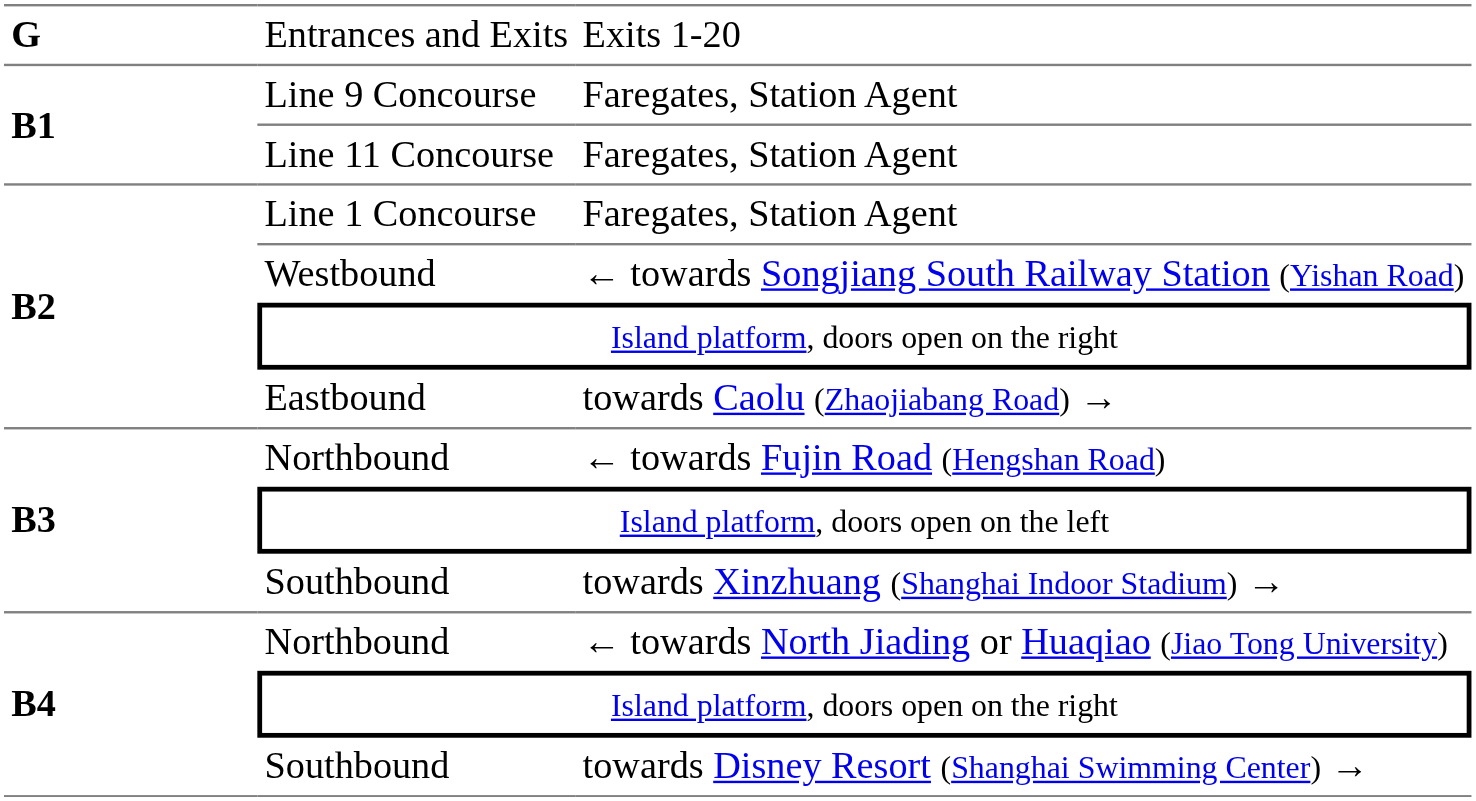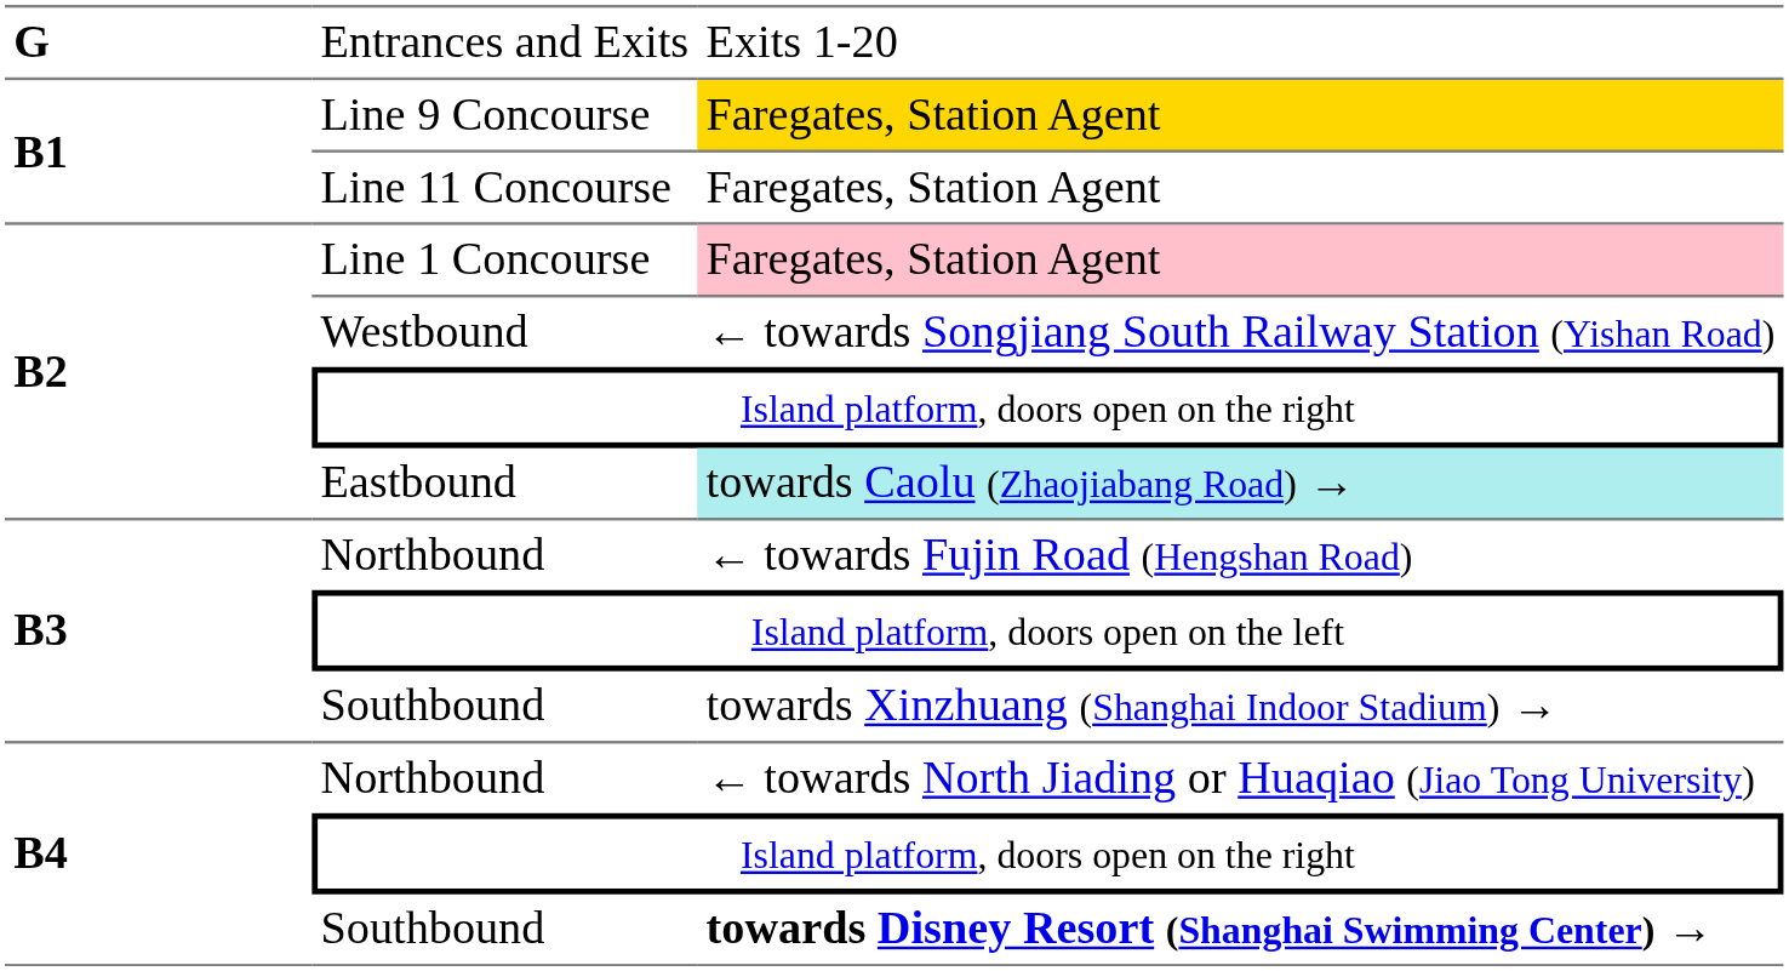 <table cellspacing=0 cellpadding=3>
 <tr>
 <td style="border-top:solid 1px gray;border-bottom:solid 1px gray;" width=100><strong>G</strong></td>
 <td style="border-top:solid 1px gray;border-bottom:solid 1px gray;">Entrances and Exits</td>
 <td style="border-top:solid 1px gray;border-bottom:solid 1px gray;">Exits 1-20</td>
 </tr>
 <tr>
 <td style="border-bottom:solid 1px gray;" rowspan=2><strong>B1</strong></td>
 <td style="border-bottom:solid 1px gray;">Line 9 Concourse</td>
-<td style="border-bottom:solid 1px gray;">Faregates, Station Agent</td>
+<td style="background: gold; border-bottom:solid 1px gray;">Faregates, Station Agent</td>
 </tr>
 <tr>
 <td style="border-bottom:solid 1px gray;">Line 11 Concourse</td>
 <td style="border-bottom:solid 1px gray;">Faregates, Station Agent</td>
 </tr>
 <tr>
 <td style="border-bottom:solid 1px gray;" rowspan=4><strong>B2</strong></td>
 <td style="border-bottom:solid 1px gray;">Line 1 Concourse</td>
-<td style="border-bottom:solid 1px gray;">Faregates, Station Agent</td>
+<td style="background: pink; border-bottom:solid 1px gray;">Faregates, Station Agent</td>
 </tr>
 <tr>
 <td>Westbound</td>
 <td>←  towards <a href='#'>Songjiang South Railway Station</a> <small>(<a href='#'>Yishan Road</a>)</small></td>
 </tr>
 <tr>
 <td style="border-top:solid 2px black;border-right:solid 2px black;border-left:solid 2px black;border-bottom:solid 2px black;text-align:center;" colspan=2><small><a href='#'>Island platform</a>, doors open on the right</small></td>
 </tr>
 <tr>
 <td style="border-bottom:solid 1px gray;">Eastbound</td>
-<td style="border-bottom:solid 1px gray;">  towards <a href='#'>Caolu</a> <small>(<a href='#'>Zhaojiabang Road</a>)</small> →</td>
+<td style="background: paleturquoise; border-bottom:solid 1px gray;">  towards <a href='#'>Caolu</a> <small>(<a href='#'>Zhaojiabang Road</a>)</small> →</td>
 </tr>
 <tr>
 <td style="border-bottom:solid 1px gray;" rowspan=3><strong>B3</strong></td>
 <td>Northbound</td>
 <td>←  towards <a href='#'>Fujin Road</a> <small>(<a href='#'>Hengshan Road</a>)</small></td>
 </tr>
 <tr>
 <td style="border-top:solid 2px black;border-right:solid 2px black;border-left:solid 2px black;border-bottom:solid 2px black;text-align:center;" colspan=2><small><a href='#'>Island platform</a>, doors open on the left</small></td>
 </tr>
 <tr>
 <td style="border-bottom:solid 1px gray;">Southbound</td>
 <td style="border-bottom:solid 1px gray;">  towards <a href='#'>Xinzhuang</a> <small>(<a href='#'>Shanghai Indoor Stadium</a>)</small> →</td>
 </tr>
 <tr>
 <td style="border-bottom:solid 1px gray;" rowspan=3><strong>B4</strong></td>
 <td>Northbound</td>
 <td>←  towards <a href='#'>North Jiading</a> or <a href='#'>Huaqiao</a> <small>(<a href='#'>Jiao Tong University</a>)</small></td>
 </tr>
 <tr>
 <td style="border-top:solid 2px black;border-right:solid 2px black;border-left:solid 2px black;border-bottom:solid 2px black;text-align:center;" colspan=2><small><a href='#'>Island platform</a>, doors open on the right</small></td>
 </tr>
 <tr>
 <td style="border-bottom:solid 1px gray;">Southbound</td>
-<td style="border-bottom:solid 1px gray;">  towards <a href='#'>Disney Resort</a> <small>(<a href='#'>Shanghai Swimming Center</a>)</small> →</td>
+<td style="border-bottom:solid 1px gray;"><strong>  towards <a href='#'>Disney Resort</a> <small>(<a href='#'>Shanghai Swimming Center</a>)</small> →</strong></td>
 </tr>
 </table>
